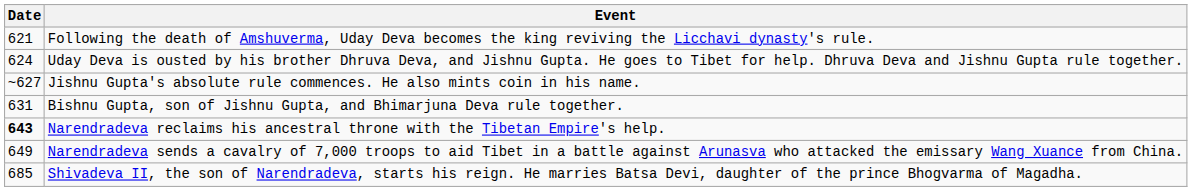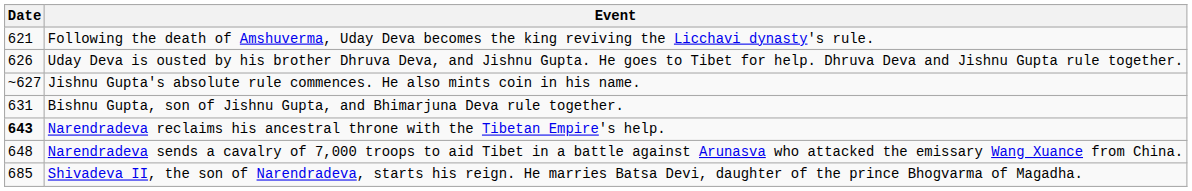 <table class="wikitable">
 <tr>
 <th>Date</th>
 <th>Event</th>
 </tr>
 <tr>
 <td>621</td>
 <td>Following the death of <a href='#'>Amshuverma</a>, Uday Deva becomes the king reviving the <a href='#'>Licchavi dynasty</a>'s rule.</td>
 </tr>
 <tr>
-<td>624</td>
+<td>626</td>
 <td>Uday Deva is ousted by his brother Dhruva Deva, and Jishnu Gupta. He goes to Tibet for help. Dhruva Deva and Jishnu Gupta rule together.</td>
 </tr>
 <tr>
 <td>~627</td>
 <td>Jishnu Gupta's absolute rule commences. He also mints coin in his name.</td>
 </tr>
 <tr>
 <td>631</td>
 <td>Bishnu Gupta, son of Jishnu Gupta, and Bhimarjuna Deva rule together.</td>
 </tr>
 <tr>
 <td><strong>643</strong></td>
 <td><a href='#'>Narendradeva</a> reclaims his ancestral throne with the <a href='#'>Tibetan Empire</a>'s help.</td>
 </tr>
 <tr>
-<td>649</td>
+<td>648</td>
 <td><a href='#'>Narendradeva</a> sends a cavalry of 7,000 troops to aid Tibet in a battle against <a href='#'>Arunasva</a> who attacked the emissary <a href='#'>Wang Xuance</a> from China.</td>
 </tr>
 <tr>
 <td>685</td>
 <td><a href='#'>Shivadeva II</a>, the son of <a href='#'>Narendradeva</a>, starts his reign. He marries Batsa Devi, daughter of the prince Bhogvarma of Magadha.</td>
 </tr>
 </table>
